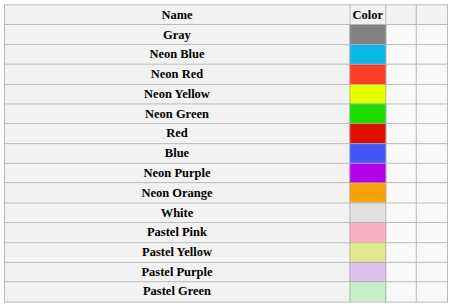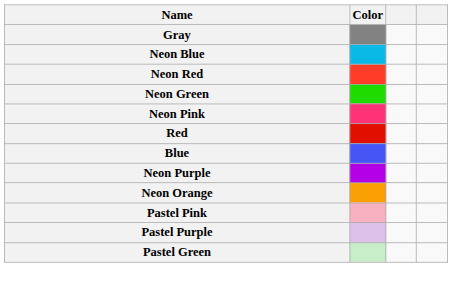 <table class="wikitable plainrowheaders" style="display:inline-table; width:45%; font-size:100%; margin:1em auto;">
 <tr>
 <th>Name</th>
 <th style="width:2em;">Color</th>
 <th style="width:2em;"></th>
 <th style="width:2em;"></th>
 </tr>
 <tr>
 <th scope="row">Gray</th>
 <td style="background: #828282"></td>
 <td></td>
 <td></td>
 </tr>
 <tr>
 <th scope="row">Neon Blue</th>
 <td style="background: #0AB9E6"></td>
 <td></td>
 <td></td>
 </tr>
 <tr>
 <th scope="row">Neon Red</th>
 <td style="background: #FF3C28"></td>
 <td></td>
 <td></td>
 </tr>
 <tr>
-<th scope="row">Neon Yellow</th>
-<td style="background: #E6FF00"></td>
+<th scope="row">Neon Green</th>
+<td style="background: #1EDC00"></td>
 <td></td>
 <td></td>
 </tr>
 <tr>
-<th scope="row">Neon Green</th>
-<td style="background: #1EDC00"></td>
+<th scope="row">Neon Pink</th>
+<td style="background: #FF3278"></td>
 <td></td>
 <td></td>
 </tr>
 <tr>
 <th scope="row">Red</th>
 <td style="background: #E10F00"></td>
 <td></td>
 <td></td>
 </tr>
 <tr>
 <th scope="row">Blue</th>
 <td style="background: #4655F5"></td>
 <td></td>
 <td></td>
 </tr>
 <tr>
 <th scope="row">Neon Purple</th>
 <td style="background: #B400E6"></td>
 <td></td>
 <td></td>
 </tr>
 <tr>
 <th scope="row">Neon Orange</th>
 <td style="background: #FAA005"></td>
 <td> </td>
 <td></td>
 </tr>
 <tr>
-<th scope="row">White</th>
-<td style="background: #e0e2e1"></td>
-<td></td>
-<td></td>
-</tr>
-<tr>
 <th scope="row">Pastel Pink</th>
 <td style="background: #f8b1bf"></td>
 <td></td>
-<td></td>
-</tr>
-<tr>
-<th scope="row">Pastel Yellow</th>
-<td style="background: #e3e790"></td>
-<td> </td>
 <td></td>
 </tr>
 <tr>
 <th scope="row">Pastel Purple</th>
 <td style="background: #ddc1ea"></td>
 <td></td>
 <td></td>
 </tr>
 <tr>
 <th scope="row">Pastel Green</th>
 <td style="background: #c8eec9"></td>
 <td> </td>
 <td></td>
 </tr>
 </table>
